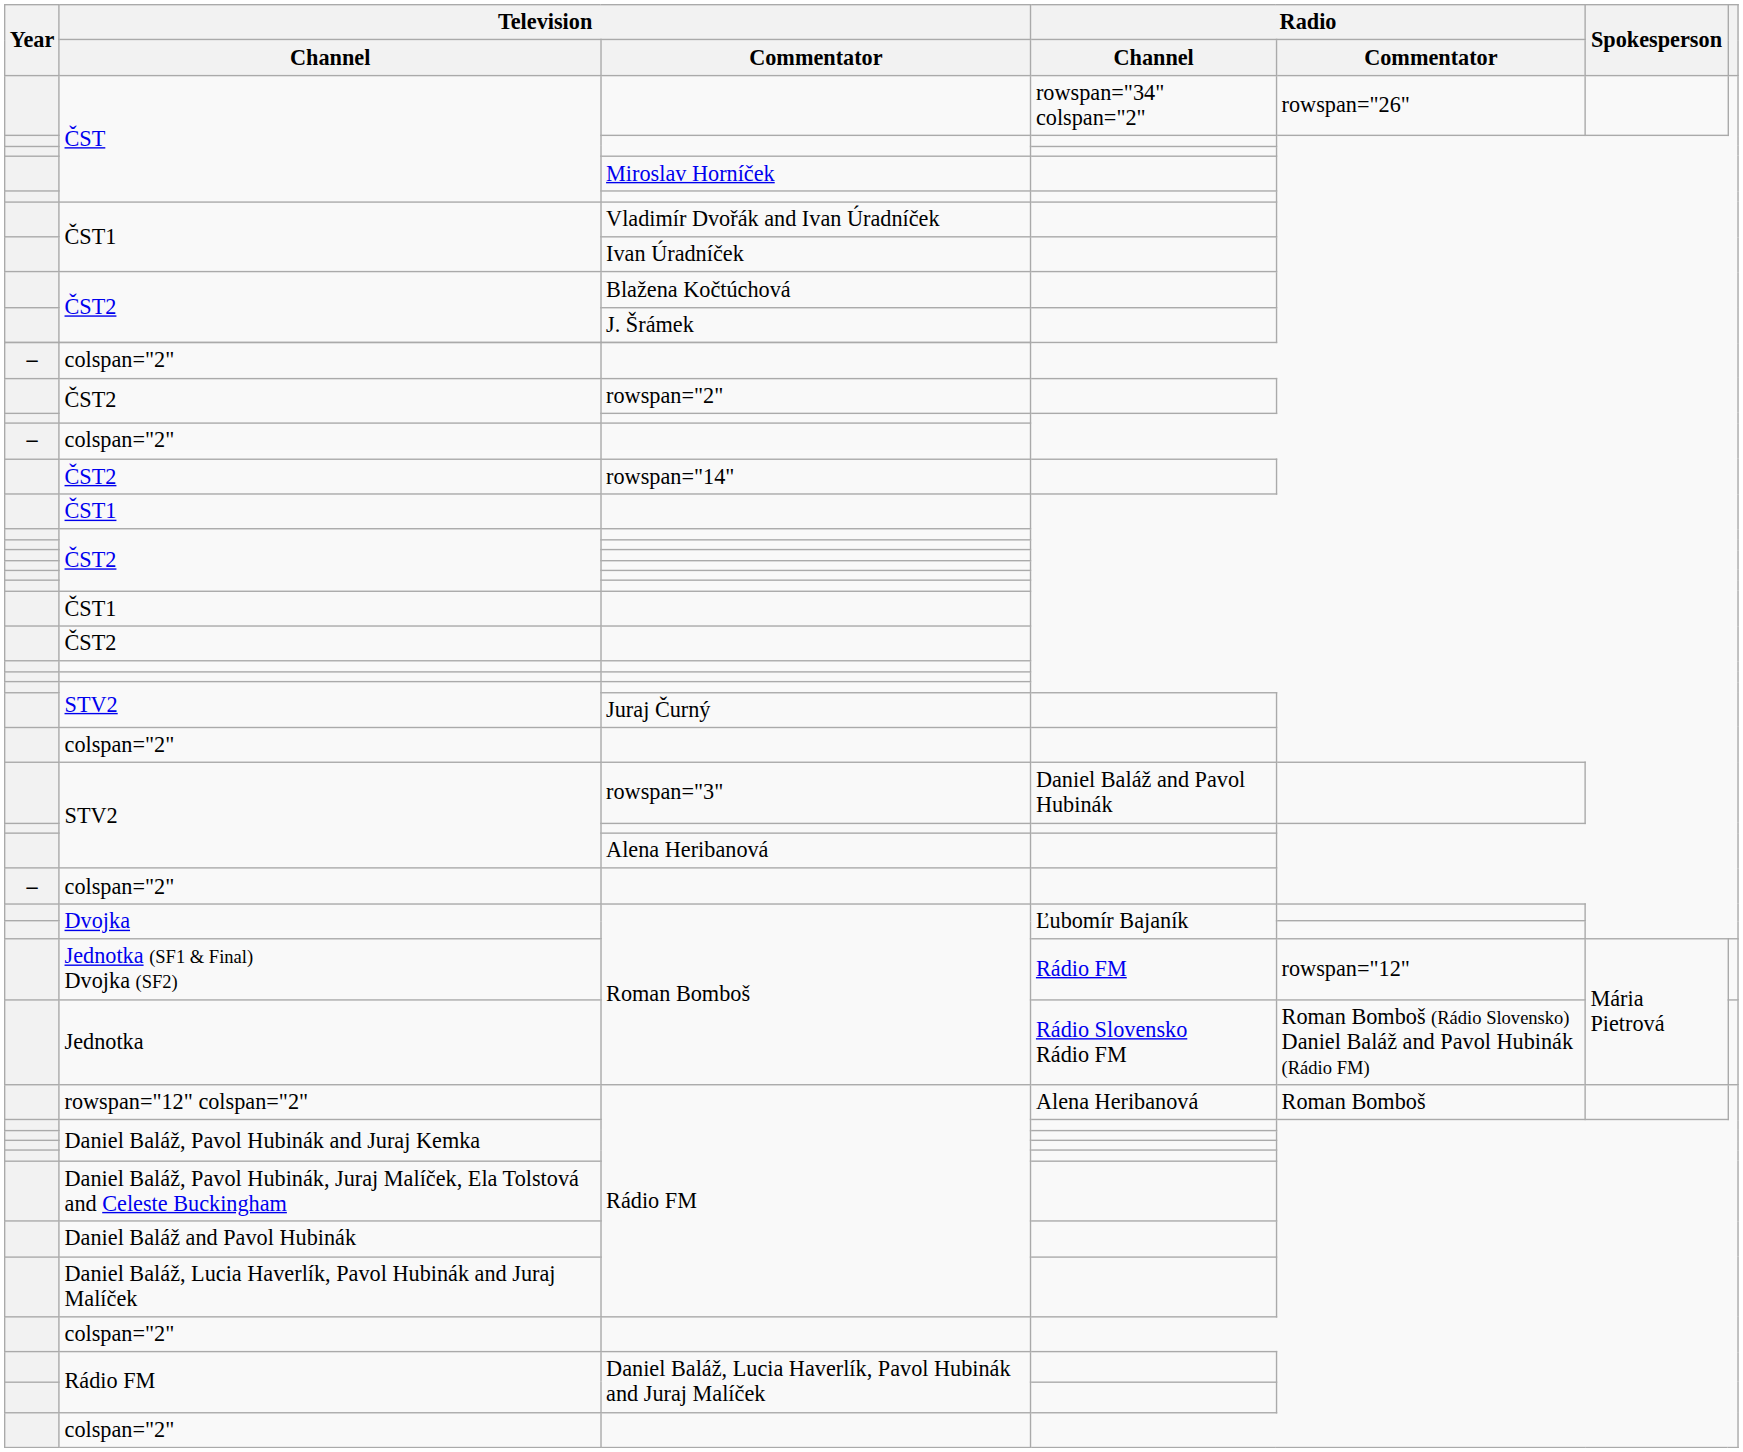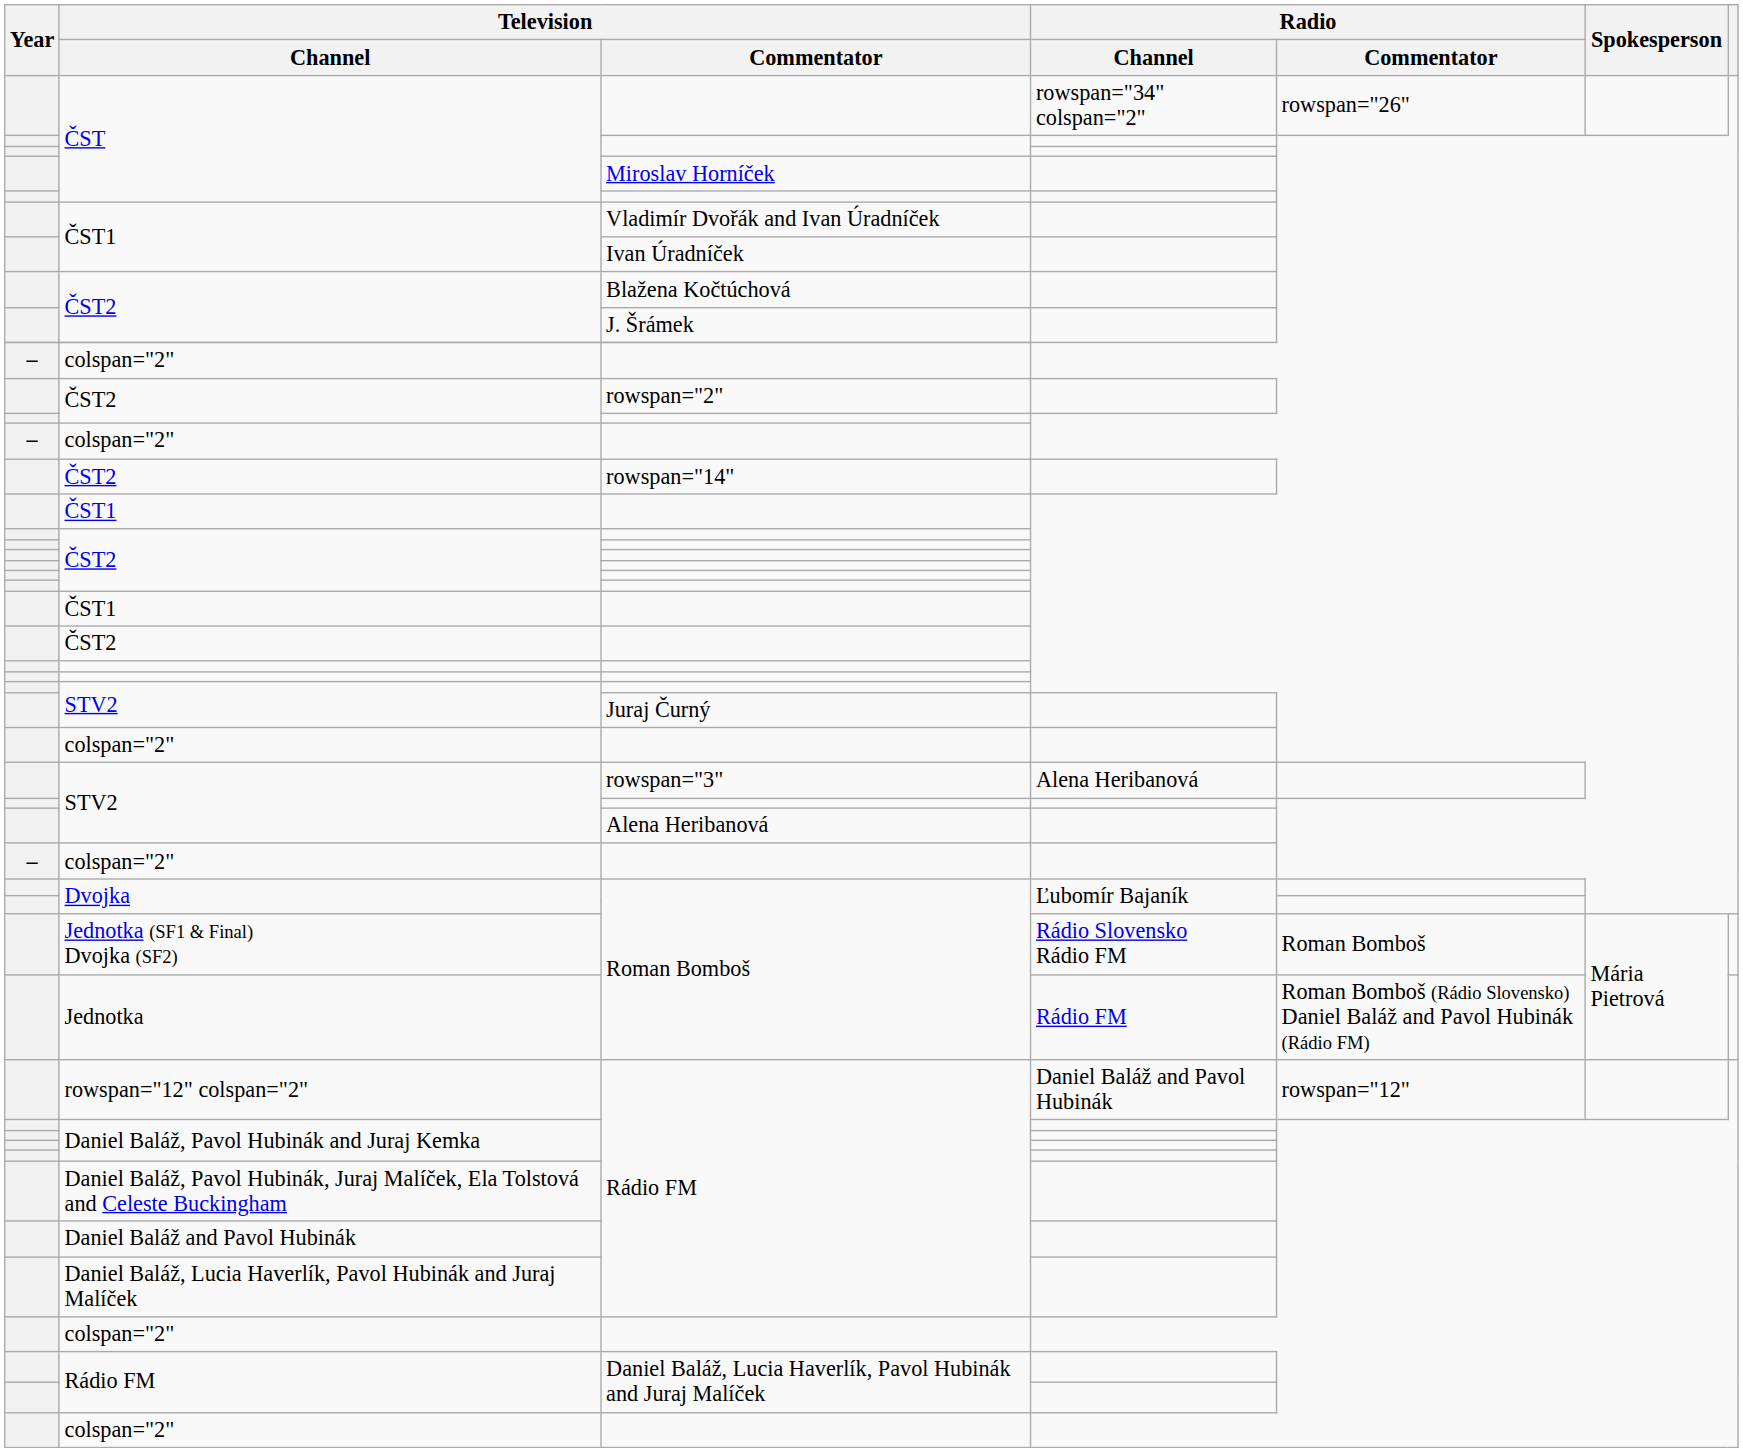 <table class="wikitable sortable plainrowheaders">
 <tr>
 <th rowspan="2">Year</th>
 <th colspan="2">Television</th>
 <th colspan="2">Radio</th>
 <th rowspan="2">Spokesperson</th>
 <th rowspan="2" class="unsortable"></th>
 </tr>
 <tr>
 <th>Channel</th>
 <th>Commentator</th>
 <th>Channel</th>
 <th>Commentator</th>
 </tr>
 <tr>
 <th scope="row"></th>
 <td rowspan="5"><a href='#'>ČST</a></td>
 <td></td>
 <td>rowspan="34" colspan="2" </td>
 <td>rowspan="26" </td>
 <td></td>
 </tr>
 <tr>
 <th scope="row"></th>
 <td rowspan="2"></td>
 <td></td>
 </tr>
 <tr>
 <th scope="row"></th>
 <td></td>
 </tr>
 <tr>
 <th scope="row"></th>
 <td><a href='#'>Miroslav Horníček</a></td>
 <td></td>
 </tr>
 <tr>
 <th scope="row"></th>
 <td></td>
 <td></td>
 </tr>
 <tr>
 <th scope="row"></th>
 <td rowspan="2">ČST1</td>
 <td>Vladimír Dvořák and Ivan Úradníček</td>
 <td style="text-align:center"></td>
 </tr>
 <tr>
 <th scope="row"></th>
 <td>Ivan Úradníček</td>
 <td style="text-align:center"></td>
 </tr>
 <tr>
 <th scope="row"></th>
 <td rowspan="2"><a href='#'>ČST2</a></td>
 <td>Blažena Kočtúchová</td>
 <td style="text-align:center"></td>
 </tr>
 <tr>
 <th scope="row"></th>
 <td>J. Šrámek</td>
 <td style="text-align:center"></td>
 </tr>
 <tr>
 </tr>
 <tr>
 <th scope="row">–</th>
 <td>colspan="2" </td>
 <td></td>
 </tr>
 <tr>
 <th scope="row"></th>
 <td rowspan="2">ČST2</td>
 <td>rowspan="2" </td>
 <td style="text-align:center"></td>
 </tr>
 <tr>
 <th scope="row"></th>
 <td style="text-align:center"></td>
 </tr>
 <tr>
 <th scope="row">–</th>
 <td>colspan="2" </td>
 <td></td>
 </tr>
 <tr>
 <th scope="row"></th>
 <td><a href='#'>ČST2</a></td>
 <td>rowspan="14" </td>
 <td></td>
 </tr>
 <tr>
 <th scope="row"></th>
 <td><a href='#'>ČST1</a></td>
 <td></td>
 </tr>
 <tr>
 <th scope="row"></th>
 <td rowspan="6"><a href='#'>ČST2</a></td>
 <td></td>
 </tr>
 <tr>
 <th scope="row"></th>
 <td></td>
 </tr>
 <tr>
 <th scope="row"></th>
 <td></td>
 </tr>
 <tr>
 <th scope="row"></th>
 <td></td>
 </tr>
 <tr>
 <th scope="row"></th>
 <td style="text-align:center"></td>
 </tr>
 <tr>
 <th scope="row"></th>
 <td style="text-align:center"></td>
 </tr>
 <tr>
 <th scope="row"></th>
 <td>ČST1</td>
 <td style="text-align:center"></td>
 </tr>
 <tr>
 <th scope="row"></th>
 <td>ČST2</td>
 <td style="text-align:center"></td>
 </tr>
 <tr>
 <th scope="row"></th>
 <td></td>
 <td></td>
 </tr>
 <tr>
 <th scope="row"></th>
 <td></td>
 <td></td>
 </tr>
 <tr>
 <th scope="row"></th>
 <td rowspan="2"><a href='#'>STV2</a></td>
 <td style="text-align:center"></td>
 </tr>
 <tr>
 <th scope="row"></th>
 <td>Juraj Čurný</td>
 <td style="text-align:center"></td>
 </tr>
 <tr>
 <th scope="row"></th>
 <td>colspan="2" </td>
 <td></td>
 <td></td>
 </tr>
 <tr>
 <th scope="row"></th>
 <td rowspan="3">STV2</td>
 <td>rowspan="3" </td>
-<td>Daniel Baláž and Pavol Hubinák</td>
+<td>Alena Heribanová</td>
 <td style="text-align:center"></td>
 </tr>
 <tr>
 <th scope="row"></th>
 <td></td>
 <td style="text-align:center"></td>
 </tr>
 <tr>
 <th scope="row"></th>
 <td>Alena Heribanová</td>
 <td style="text-align:center"></td>
 </tr>
 <tr>
 <th scope="row">–</th>
 <td>colspan="2" </td>
 <td></td>
 <td></td>
 </tr>
 <tr>
 <th scope="row"></th>
 <td rowspan="2"><a href='#'>Dvojka</a></td>
 <td rowspan="4">Roman Bomboš</td>
 <td rowspan="2">Ľubomír Bajaník</td>
 <td></td>
 </tr>
 <tr>
 <th scope="row"></th>
 <td></td>
 </tr>
 <tr>
 <th scope="row"></th>
 <td><a href='#'>Jednotka</a> <small>(SF1 & Final)</small><br>Dvojka <small>(SF2)</small></td>
-<td><a href='#'>Rádio FM</a></td>
-<td>rowspan="12" </td>
+<td><a href='#'>Rádio Slovensko</a><br> Rádio FM</td>
+<td>Roman Bomboš</td>
 <td rowspan="2">Mária Pietrová</td>
 <td></td>
 </tr>
 <tr>
 <th scope="row"></th>
 <td>Jednotka</td>
-<td><a href='#'>Rádio Slovensko</a><br> Rádio FM</td>
+<td><a href='#'>Rádio FM</a></td>
 <td>Roman Bomboš <small>(Rádio Slovensko)</small><br>Daniel Baláž and Pavol Hubinák <small>(Rádio FM)</small></td>
 <td></td>
 </tr>
 <tr>
 <th scope="row"></th>
 <td>rowspan="12" colspan="2" </td>
 <td rowspan="8">Rádio FM</td>
-<td>Alena Heribanová</td>
-<td>Roman Bomboš</td>
+<td>Daniel Baláž and Pavol Hubinák</td>
+<td>rowspan="12" </td>
 <td></td>
 </tr>
 <tr>
 <th scope="row"></th>
 <td rowspan="4">Daniel Baláž, Pavol Hubinák and Juraj Kemka</td>
 <td></td>
 </tr>
 <tr>
 <th scope="row"></th>
 <td></td>
 </tr>
 <tr>
 <th scope="row"></th>
 <td></td>
 </tr>
 <tr>
 <th scope="row"></th>
 <td></td>
 </tr>
 <tr>
 <th scope="row"></th>
 <td>Daniel Baláž, Pavol Hubinák, Juraj Malíček, Ela Tolstová and <a href='#'>Celeste Buckingham</a></td>
 <td></td>
 </tr>
 <tr>
 <th scope="row"></th>
 <td>Daniel Baláž and Pavol Hubinák</td>
 <td></td>
 </tr>
 <tr>
 <th scope="row"></th>
 <td>Daniel Baláž, Lucia Haverlík, Pavol Hubinák and Juraj Malíček</td>
 <td></td>
 </tr>
 <tr>
 <th scope="row"></th>
 <td>colspan="2" </td>
 <td></td>
 </tr>
 <tr>
 <th scope="row"></th>
 <td rowspan="2">Rádio FM</td>
 <td rowspan="2">Daniel Baláž, Lucia Haverlík, Pavol Hubinák and Juraj Malíček</td>
 <td></td>
 </tr>
 <tr>
 <th scope="row"></th>
 <td></td>
 </tr>
 <tr>
 <th scope="row"></th>
 <td>colspan="2" </td>
 <td></td>
 </tr>
 </table>
